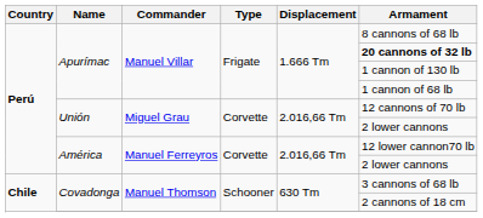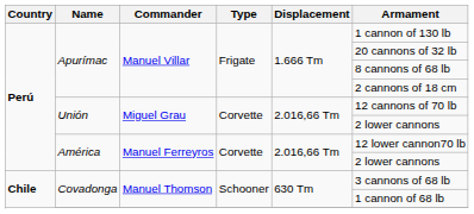 <table class="wikitable" border="1">
 <tr>
 <th scope=col>Country</th>
 <th scope=col>Name</th>
 <th scope=col>Commander</th>
 <th scope=col>Type</th>
 <th scope=col>Displacement</th>
 <th scope=col>Armament</th>
 </tr>
 <tr>
 <td rowspan="8"><strong>Perú</strong></td>
 <td rowspan="4"><em>Apurímac</em></td>
 <td rowspan="4"><a href='#'>Manuel Villar</a></td>
 <td rowspan="4">Frigate</td>
 <td rowspan="4">1.666 Tm</td>
+<td>1 cannon of 130 lb</td>
+</tr>
+<tr>
+<td>20 cannons of 32 lb</td>
+</tr>
+<tr>
 <td>8 cannons of 68 lb</td>
 </tr>
 <tr>
-<td><strong>20 cannons of 32 lb</strong></td>
-</tr>
-<tr>
-<td>1 cannon of 130 lb</td>
-</tr>
-<tr>
-<td>1 cannon of 68 lb</td>
+<td>2 cannons of 18 cm</td>
 </tr>
 <tr>
 <td rowspan="2"><em>Unión</em></td>
 <td rowspan="2"><a href='#'>Miguel Grau</a></td>
 <td rowspan="2">Corvette</td>
 <td rowspan="2">2.016,66 Tm</td>
 <td>12 cannons of 70 lb</td>
 </tr>
 <tr>
 <td>2 lower cannons</td>
 </tr>
 <tr>
 <td rowspan="2"><em>América</em></td>
 <td rowspan="2"><a href='#'>Manuel Ferreyros</a></td>
 <td rowspan="2">Corvette</td>
 <td rowspan="2">2.016,66 Tm</td>
 <td>12 lower cannon70 lb</td>
 </tr>
 <tr>
 <td>2 lower cannons</td>
 </tr>
 <tr>
 <td rowspan="4"><strong>Chile</strong></td>
 <td rowspan="2"><em>Covadonga</em></td>
 <td rowspan="2"><a href='#'>Manuel Thomson</a></td>
 <td rowspan="2">Schooner</td>
 <td rowspan="2">630 Tm</td>
 <td>3 cannons of 68 lb</td>
 </tr>
 <tr>
-<td>2 cannons of 18 cm</td>
+<td>1 cannon of 68 lb</td>
 </tr>
 <tr>
 </tr>
 </table>
